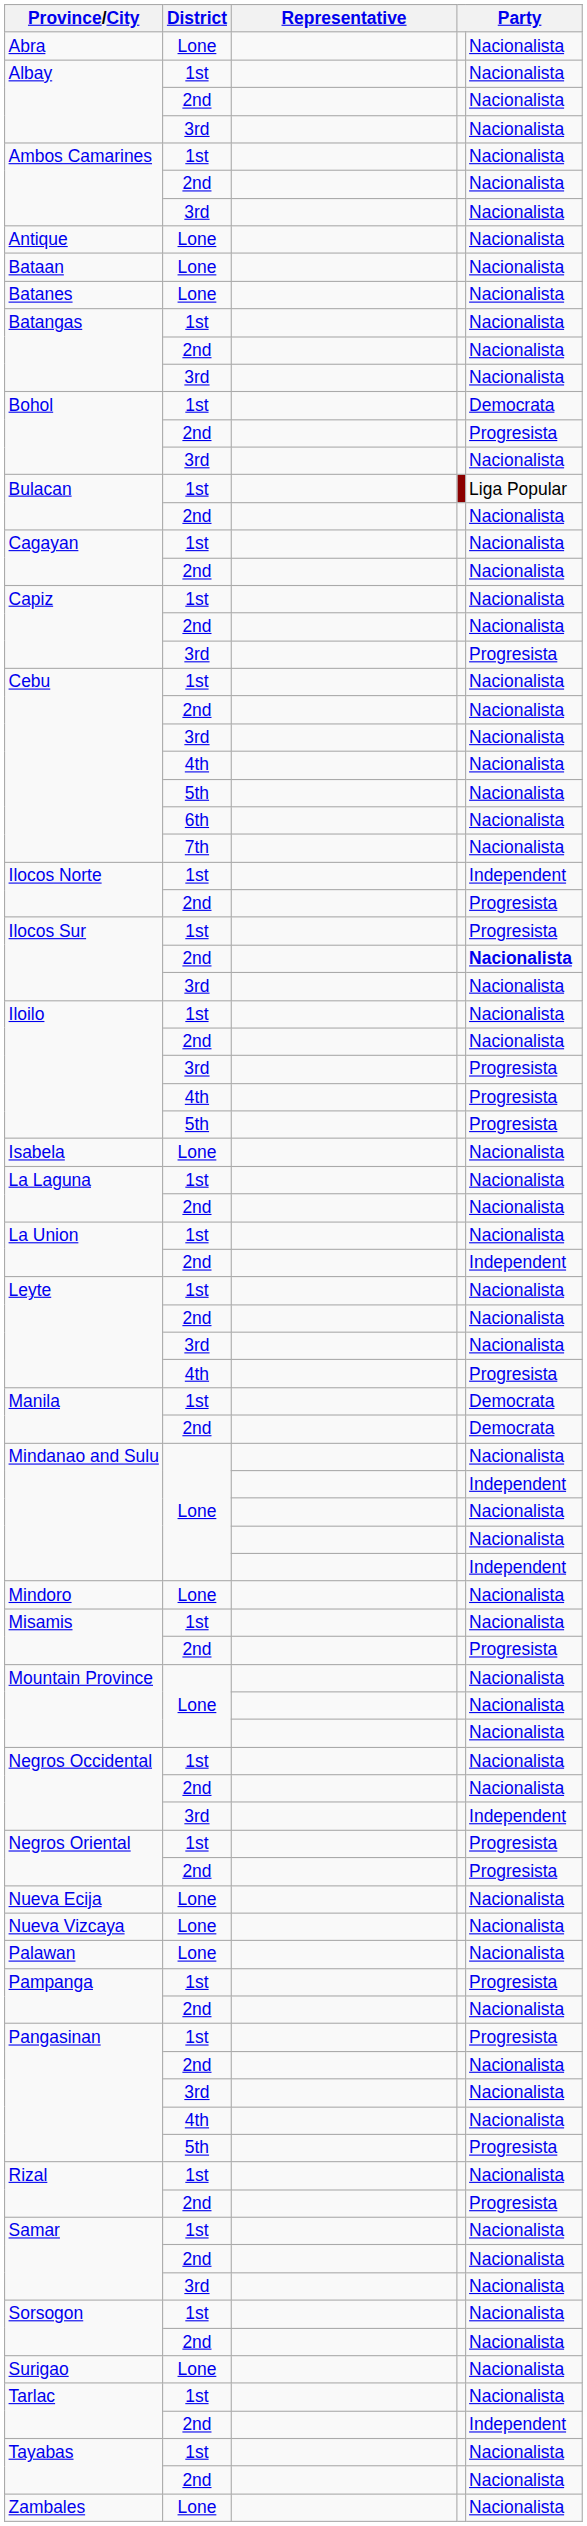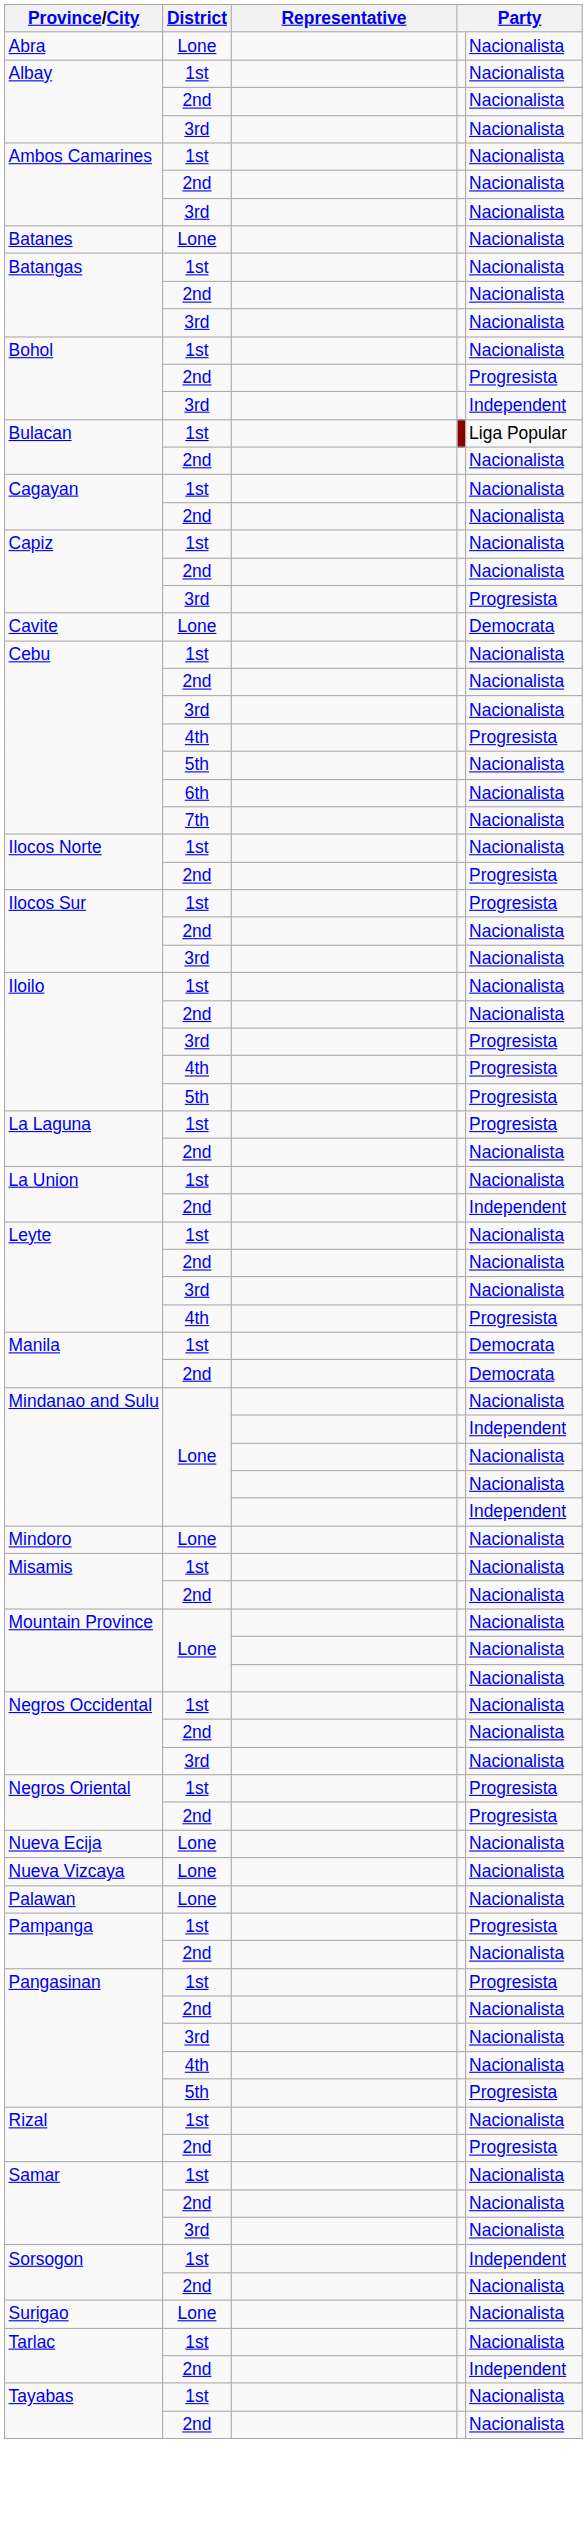 <table class="wikitable sortable">
 <tr>
 <th><a href='#'>Province</a>/<a href='#'>City</a></th>
 <th><a href='#'>District</a></th>
 <th width="200px"><a href='#'>Representative</a></th>
 <th colspan="2"><a href='#'>Party</a></th>
 </tr>
 <tr>
 <td valign="top"><a href='#'>Abra</a></td>
 <td align="center"><a href='#'>Lone</a></td>
 <td></td>
 <td></td>
 <td><a href='#'>Nacionalista</a></td>
 </tr>
 <tr>
 <td rowspan="3" valign="top"><a href='#'>Albay</a></td>
 <td align="center"><a href='#'>1st</a></td>
 <td></td>
 <td></td>
 <td width="100px"><a href='#'>Nacionalista</a></td>
 </tr>
 <tr>
 <td align="center"><a href='#'>2nd</a></td>
 <td></td>
 <td></td>
 <td><a href='#'>Nacionalista</a></td>
 </tr>
 <tr>
 <td align="center"><a href='#'>3rd</a></td>
 <td></td>
 <td></td>
 <td><a href='#'>Nacionalista</a></td>
 </tr>
 <tr>
 <td rowspan="3" valign="top"><a href='#'>Ambos Camarines</a></td>
 <td align="center"><a href='#'>1st</a></td>
 <td></td>
 <td></td>
 <td><a href='#'>Nacionalista</a></td>
 </tr>
 <tr>
 <td align="center"><a href='#'>2nd</a></td>
 <td></td>
 <td></td>
 <td><a href='#'>Nacionalista</a></td>
 </tr>
 <tr>
 <td align="center"><a href='#'>3rd</a></td>
 <td></td>
 <td></td>
 <td><a href='#'>Nacionalista</a></td>
 </tr>
 <tr>
-<td><a href='#'>Antique</a></td>
-<td align="center"><a href='#'>Lone</a></td>
-<td></td>
-<td></td>
-<td><a href='#'>Nacionalista</a></td>
-</tr>
-<tr>
-<td valign="top"><a href='#'>Bataan</a></td>
-<td align="center"><a href='#'>Lone</a></td>
-<td></td>
-<td></td>
-<td><a href='#'>Nacionalista</a></td>
-</tr>
-<tr>
 <td valign="top"><a href='#'>Batanes</a></td>
 <td align="center"><a href='#'>Lone</a></td>
 <td></td>
 <td></td>
 <td><a href='#'>Nacionalista</a></td>
 </tr>
 <tr>
 <td rowspan="3" valign="top"><a href='#'>Batangas</a></td>
 <td align="center"><a href='#'>1st</a></td>
 <td></td>
 <td></td>
 <td><a href='#'>Nacionalista</a></td>
 </tr>
 <tr>
 <td align="center"><a href='#'>2nd</a></td>
 <td></td>
 <td></td>
 <td><a href='#'>Nacionalista</a></td>
 </tr>
 <tr>
 <td align="center"><a href='#'>3rd</a></td>
 <td></td>
 <td></td>
 <td><a href='#'>Nacionalista</a></td>
 </tr>
 <tr>
 <td rowspan="3" valign="top"><a href='#'>Bohol</a></td>
 <td align="center"><a href='#'>1st</a></td>
 <td></td>
 <td></td>
-<td><a href='#'>Democrata</a></td>
+<td><a href='#'>Nacionalista</a></td>
 </tr>
 <tr>
 <td align="center"><a href='#'>2nd</a></td>
 <td></td>
 <td></td>
 <td><a href='#'>Progresista</a></td>
 </tr>
 <tr>
 <td align="center"><a href='#'>3rd</a></td>
 <td></td>
 <td></td>
-<td><a href='#'>Nacionalista</a></td>
+<td><a href='#'>Independent</a></td>
 </tr>
 <tr>
 <td rowspan="2" valign="top"><a href='#'>Bulacan</a></td>
 <td align="center"><a href='#'>1st</a></td>
 <td></td>
 <td bgcolor="darkred"></td>
 <td>Liga Popular</td>
 </tr>
 <tr>
 <td align="center"><a href='#'>2nd</a></td>
 <td></td>
 <td></td>
 <td><a href='#'>Nacionalista</a></td>
 </tr>
 <tr>
 <td rowspan="2" valign="top"><a href='#'>Cagayan</a></td>
 <td align="center"><a href='#'>1st</a></td>
 <td></td>
 <td></td>
 <td><a href='#'>Nacionalista</a></td>
 </tr>
 <tr>
 <td align="center"><a href='#'>2nd</a></td>
 <td></td>
 <td></td>
 <td><a href='#'>Nacionalista</a></td>
 </tr>
 <tr>
 <td rowspan="3" valign="top"><a href='#'>Capiz</a></td>
 <td align="center"><a href='#'>1st</a></td>
 <td></td>
 <td></td>
 <td><a href='#'>Nacionalista</a></td>
 </tr>
 <tr>
 <td align="center"><a href='#'>2nd</a></td>
 <td></td>
 <td></td>
 <td><a href='#'>Nacionalista</a></td>
 </tr>
 <tr>
 <td align="center"><a href='#'>3rd</a></td>
 <td></td>
 <td></td>
 <td><a href='#'>Progresista</a></td>
 </tr>
 <tr>
+<td valign="top"><a href='#'>Cavite</a></td>
+<td align="center"><a href='#'>Lone</a></td>
+<td></td>
+<td></td>
+<td><a href='#'>Democrata</a></td>
+</tr>
+<tr>
 <td rowspan="7" valign="top"><a href='#'>Cebu</a></td>
 <td align="center"><a href='#'>1st</a></td>
 <td></td>
 <td></td>
 <td><a href='#'>Nacionalista</a></td>
 </tr>
 <tr>
 <td align="center"><a href='#'>2nd</a></td>
 <td></td>
 <td></td>
 <td><a href='#'>Nacionalista</a></td>
 </tr>
 <tr>
 <td align="center"><a href='#'>3rd</a></td>
 <td></td>
 <td></td>
 <td><a href='#'>Nacionalista</a></td>
 </tr>
 <tr>
 <td align="center"><a href='#'>4th</a></td>
 <td></td>
 <td></td>
-<td><a href='#'>Nacionalista</a></td>
+<td><a href='#'>Progresista</a></td>
 </tr>
 <tr>
 <td align="center"><a href='#'>5th</a></td>
 <td></td>
 <td></td>
 <td><a href='#'>Nacionalista</a></td>
 </tr>
 <tr>
 <td align="center"><a href='#'>6th</a></td>
 <td></td>
 <td></td>
 <td><a href='#'>Nacionalista</a></td>
 </tr>
 <tr>
 <td align="center"><a href='#'>7th</a></td>
 <td></td>
 <td></td>
 <td><a href='#'>Nacionalista</a></td>
 </tr>
 <tr>
 <td rowspan="2" valign="top"><a href='#'>Ilocos Norte</a></td>
 <td align="center"><a href='#'>1st</a></td>
 <td></td>
 <td></td>
-<td><a href='#'>Independent</a></td>
+<td><a href='#'>Nacionalista</a></td>
 </tr>
 <tr>
 <td align="center"><a href='#'>2nd</a></td>
 <td></td>
 <td></td>
 <td><a href='#'>Progresista</a></td>
 </tr>
 <tr>
 <td rowspan="3" valign="top"><a href='#'>Ilocos Sur</a></td>
 <td align="center"><a href='#'>1st</a></td>
 <td></td>
 <td></td>
 <td><a href='#'>Progresista</a></td>
 </tr>
 <tr>
 <td align="center"><a href='#'>2nd</a></td>
 <td></td>
 <td></td>
-<td><strong><a href='#'>Nacionalista</a></strong></td>
+<td><a href='#'>Nacionalista</a></td>
 </tr>
 <tr>
 <td align="center"><a href='#'>3rd</a></td>
 <td></td>
 <td></td>
 <td><a href='#'>Nacionalista</a></td>
 </tr>
 <tr>
 <td rowspan="5" valign="top"><a href='#'>Iloilo</a></td>
 <td align="center"><a href='#'>1st</a></td>
 <td></td>
 <td></td>
 <td><a href='#'>Nacionalista</a></td>
 </tr>
 <tr>
 <td align="center"><a href='#'>2nd</a></td>
 <td></td>
 <td></td>
 <td><a href='#'>Nacionalista</a></td>
 </tr>
 <tr>
 <td align="center"><a href='#'>3rd</a></td>
 <td></td>
 <td></td>
 <td><a href='#'>Progresista</a></td>
 </tr>
 <tr>
 <td align="center"><a href='#'>4th</a></td>
 <td></td>
 <td></td>
 <td><a href='#'>Progresista</a></td>
 </tr>
 <tr>
 <td align="center"><a href='#'>5th</a></td>
 <td></td>
 <td></td>
 <td><a href='#'>Progresista</a></td>
 </tr>
 <tr>
-<td valign="top"><a href='#'>Isabela</a></td>
-<td align="center"><a href='#'>Lone</a></td>
-<td></td>
-<td></td>
-<td><a href='#'>Nacionalista</a></td>
-</tr>
-<tr>
 <td rowspan="2" valign="top"><a href='#'>La Laguna</a></td>
 <td align="center"><a href='#'>1st</a></td>
 <td></td>
 <td></td>
-<td><a href='#'>Nacionalista</a></td>
+<td><a href='#'>Progresista</a></td>
 </tr>
 <tr>
 <td align="center"><a href='#'>2nd</a></td>
 <td></td>
 <td></td>
 <td><a href='#'>Nacionalista</a></td>
 </tr>
 <tr>
 <td rowspan="2" valign="top"><a href='#'>La Union</a></td>
 <td align="center"><a href='#'>1st</a></td>
 <td></td>
 <td></td>
 <td><a href='#'>Nacionalista</a></td>
 </tr>
 <tr>
 <td align="center"><a href='#'>2nd</a></td>
 <td></td>
 <td></td>
 <td><a href='#'>Independent</a></td>
 </tr>
 <tr>
 <td rowspan="4" valign="top"><a href='#'>Leyte</a></td>
 <td align="center"><a href='#'>1st</a></td>
 <td></td>
 <td></td>
 <td><a href='#'>Nacionalista</a></td>
 </tr>
 <tr>
 <td align="center"><a href='#'>2nd</a></td>
 <td></td>
 <td></td>
 <td><a href='#'>Nacionalista</a></td>
 </tr>
 <tr>
 <td align="center"><a href='#'>3rd</a></td>
 <td></td>
 <td></td>
 <td><a href='#'>Nacionalista</a></td>
 </tr>
 <tr>
 <td align="center"><a href='#'>4th</a></td>
 <td></td>
 <td></td>
 <td><a href='#'>Progresista</a></td>
 </tr>
 <tr>
 <td rowspan="2" valign="top"><a href='#'>Manila</a></td>
 <td align="center"><a href='#'>1st</a></td>
 <td></td>
 <td></td>
 <td><a href='#'>Democrata</a></td>
 </tr>
 <tr>
 <td align="center"><a href='#'>2nd</a></td>
 <td></td>
 <td></td>
 <td><a href='#'>Democrata</a></td>
 </tr>
 <tr>
 <td rowspan="5" valign="top"><a href='#'>Mindanao and Sulu</a></td>
 <td rowspan="5" align="center"><a href='#'>Lone</a></td>
 <td></td>
 <td></td>
 <td><a href='#'>Nacionalista</a></td>
 </tr>
 <tr>
 <td></td>
 <td></td>
 <td><a href='#'>Independent</a></td>
 </tr>
 <tr>
 <td></td>
 <td></td>
 <td><a href='#'>Nacionalista</a></td>
 </tr>
 <tr>
 <td></td>
 <td></td>
 <td><a href='#'>Nacionalista</a></td>
 </tr>
 <tr>
 <td></td>
 <td></td>
 <td><a href='#'>Independent</a></td>
 </tr>
 <tr>
 <td valign="top"><a href='#'>Mindoro</a></td>
 <td align="center"><a href='#'>Lone</a></td>
 <td></td>
 <td></td>
 <td><a href='#'>Nacionalista</a></td>
 </tr>
 <tr>
 <td rowspan="2" valign="top"><a href='#'>Misamis</a></td>
 <td align="center"><a href='#'>1st</a></td>
 <td></td>
 <td></td>
 <td><a href='#'>Nacionalista</a></td>
 </tr>
 <tr>
 <td align="center"><a href='#'>2nd</a></td>
 <td></td>
 <td></td>
-<td><a href='#'>Progresista</a></td>
+<td><a href='#'>Nacionalista</a></td>
 </tr>
 <tr>
 <td rowspan="3"  valign="top"><a href='#'>Mountain Province</a></td>
 <td rowspan="3"  align="center"><a href='#'>Lone</a></td>
 <td></td>
 <td></td>
 <td><a href='#'>Nacionalista</a></td>
 </tr>
 <tr>
 <td></td>
 <td></td>
 <td><a href='#'>Nacionalista</a></td>
 </tr>
 <tr>
 <td></td>
 <td></td>
 <td><a href='#'>Nacionalista</a></td>
 </tr>
 <tr>
 <td rowspan="3" valign="top"><a href='#'>Negros Occidental</a></td>
 <td align="center"><a href='#'>1st</a></td>
 <td></td>
 <td></td>
 <td><a href='#'>Nacionalista</a></td>
 </tr>
 <tr>
 <td align="center"><a href='#'>2nd</a></td>
 <td></td>
 <td></td>
 <td><a href='#'>Nacionalista</a></td>
 </tr>
 <tr>
 <td align="center"><a href='#'>3rd</a></td>
 <td></td>
 <td></td>
-<td><a href='#'>Independent</a></td>
+<td><a href='#'>Nacionalista</a></td>
 </tr>
 <tr>
 <td rowspan="2" valign="top"><a href='#'>Negros Oriental</a></td>
 <td align="center"><a href='#'>1st</a></td>
 <td></td>
 <td></td>
 <td><a href='#'>Progresista</a></td>
 </tr>
 <tr>
 <td align="center"><a href='#'>2nd</a></td>
 <td></td>
 <td></td>
 <td><a href='#'>Progresista</a></td>
 </tr>
 <tr>
 <td valign="top"><a href='#'>Nueva Ecija</a></td>
 <td align="center"><a href='#'>Lone</a></td>
 <td></td>
 <td></td>
 <td><a href='#'>Nacionalista</a></td>
 </tr>
 <tr>
 <td valign="top"><a href='#'>Nueva Vizcaya</a></td>
 <td align="center"><a href='#'>Lone</a></td>
 <td></td>
 <td></td>
 <td><a href='#'>Nacionalista</a></td>
 </tr>
 <tr>
 <td valign="top"><a href='#'>Palawan</a></td>
 <td align="center"><a href='#'>Lone</a></td>
 <td></td>
 <td></td>
 <td><a href='#'>Nacionalista</a></td>
 </tr>
 <tr>
 <td rowspan="2" valign="top"><a href='#'>Pampanga</a></td>
 <td align="center"><a href='#'>1st</a></td>
 <td></td>
 <td></td>
 <td><a href='#'>Progresista</a></td>
 </tr>
 <tr>
 <td align="center"><a href='#'>2nd</a></td>
 <td></td>
 <td></td>
 <td><a href='#'>Nacionalista</a></td>
 </tr>
 <tr>
 <td rowspan="5" valign="top"><a href='#'>Pangasinan</a></td>
 <td align="center"><a href='#'>1st</a></td>
 <td></td>
 <td></td>
 <td><a href='#'>Progresista</a></td>
 </tr>
 <tr>
 <td align="center"><a href='#'>2nd</a></td>
 <td></td>
 <td></td>
 <td><a href='#'>Nacionalista</a></td>
 </tr>
 <tr>
 <td align="center"><a href='#'>3rd</a></td>
 <td></td>
 <td></td>
 <td><a href='#'>Nacionalista</a></td>
 </tr>
 <tr>
 <td align="center"><a href='#'>4th</a></td>
 <td></td>
 <td></td>
 <td><a href='#'>Nacionalista</a></td>
 </tr>
 <tr>
 <td align="center"><a href='#'>5th</a></td>
 <td></td>
 <td></td>
 <td><a href='#'>Progresista</a></td>
 </tr>
 <tr>
 <td rowspan="2" valign="top"><a href='#'>Rizal</a></td>
 <td align="center"><a href='#'>1st</a></td>
 <td></td>
 <td></td>
 <td><a href='#'>Nacionalista</a></td>
 </tr>
 <tr>
 <td align="center"><a href='#'>2nd</a></td>
 <td></td>
 <td></td>
 <td><a href='#'>Progresista</a></td>
 </tr>
 <tr>
 <td rowspan="3" valign="top"><a href='#'>Samar</a></td>
 <td align="center"><a href='#'>1st</a></td>
 <td></td>
 <td></td>
 <td><a href='#'>Nacionalista</a></td>
 </tr>
 <tr>
 <td align="center"><a href='#'>2nd</a></td>
 <td></td>
 <td></td>
 <td><a href='#'>Nacionalista</a></td>
 </tr>
 <tr>
 <td align="center"><a href='#'>3rd</a></td>
 <td></td>
 <td></td>
 <td><a href='#'>Nacionalista</a></td>
 </tr>
 <tr>
 <td rowspan="2" valign="top"><a href='#'>Sorsogon</a></td>
 <td align="center"><a href='#'>1st</a></td>
 <td></td>
 <td></td>
-<td><a href='#'>Nacionalista</a></td>
+<td><a href='#'>Independent</a></td>
 </tr>
 <tr>
 <td align="center"><a href='#'>2nd</a></td>
 <td></td>
 <td></td>
 <td><a href='#'>Nacionalista</a></td>
 </tr>
 <tr>
 <td valign="top"><a href='#'>Surigao</a></td>
 <td align="center"><a href='#'>Lone</a></td>
 <td></td>
 <td></td>
 <td><a href='#'>Nacionalista</a></td>
 </tr>
 <tr>
 <td rowspan="2" valign="top"><a href='#'>Tarlac</a></td>
 <td align="center"><a href='#'>1st</a></td>
 <td></td>
 <td></td>
 <td><a href='#'>Nacionalista</a></td>
 </tr>
 <tr>
 <td align="center"><a href='#'>2nd</a></td>
 <td></td>
 <td></td>
 <td><a href='#'>Independent</a></td>
 </tr>
 <tr>
 <td rowspan="2" valign="top"><a href='#'>Tayabas</a></td>
 <td align="center"><a href='#'>1st</a></td>
 <td></td>
 <td></td>
 <td><a href='#'>Nacionalista</a></td>
 </tr>
 <tr>
 <td align="center"><a href='#'>2nd</a></td>
 <td></td>
 <td></td>
 <td><a href='#'>Nacionalista</a></td>
 </tr>
-<tr>
-<td valign="top"><a href='#'>Zambales</a></td>
-<td align="center"><a href='#'>Lone</a></td>
-<td></td>
-<td></td>
-<td><a href='#'>Nacionalista</a></td>
-</tr>
 </table>
